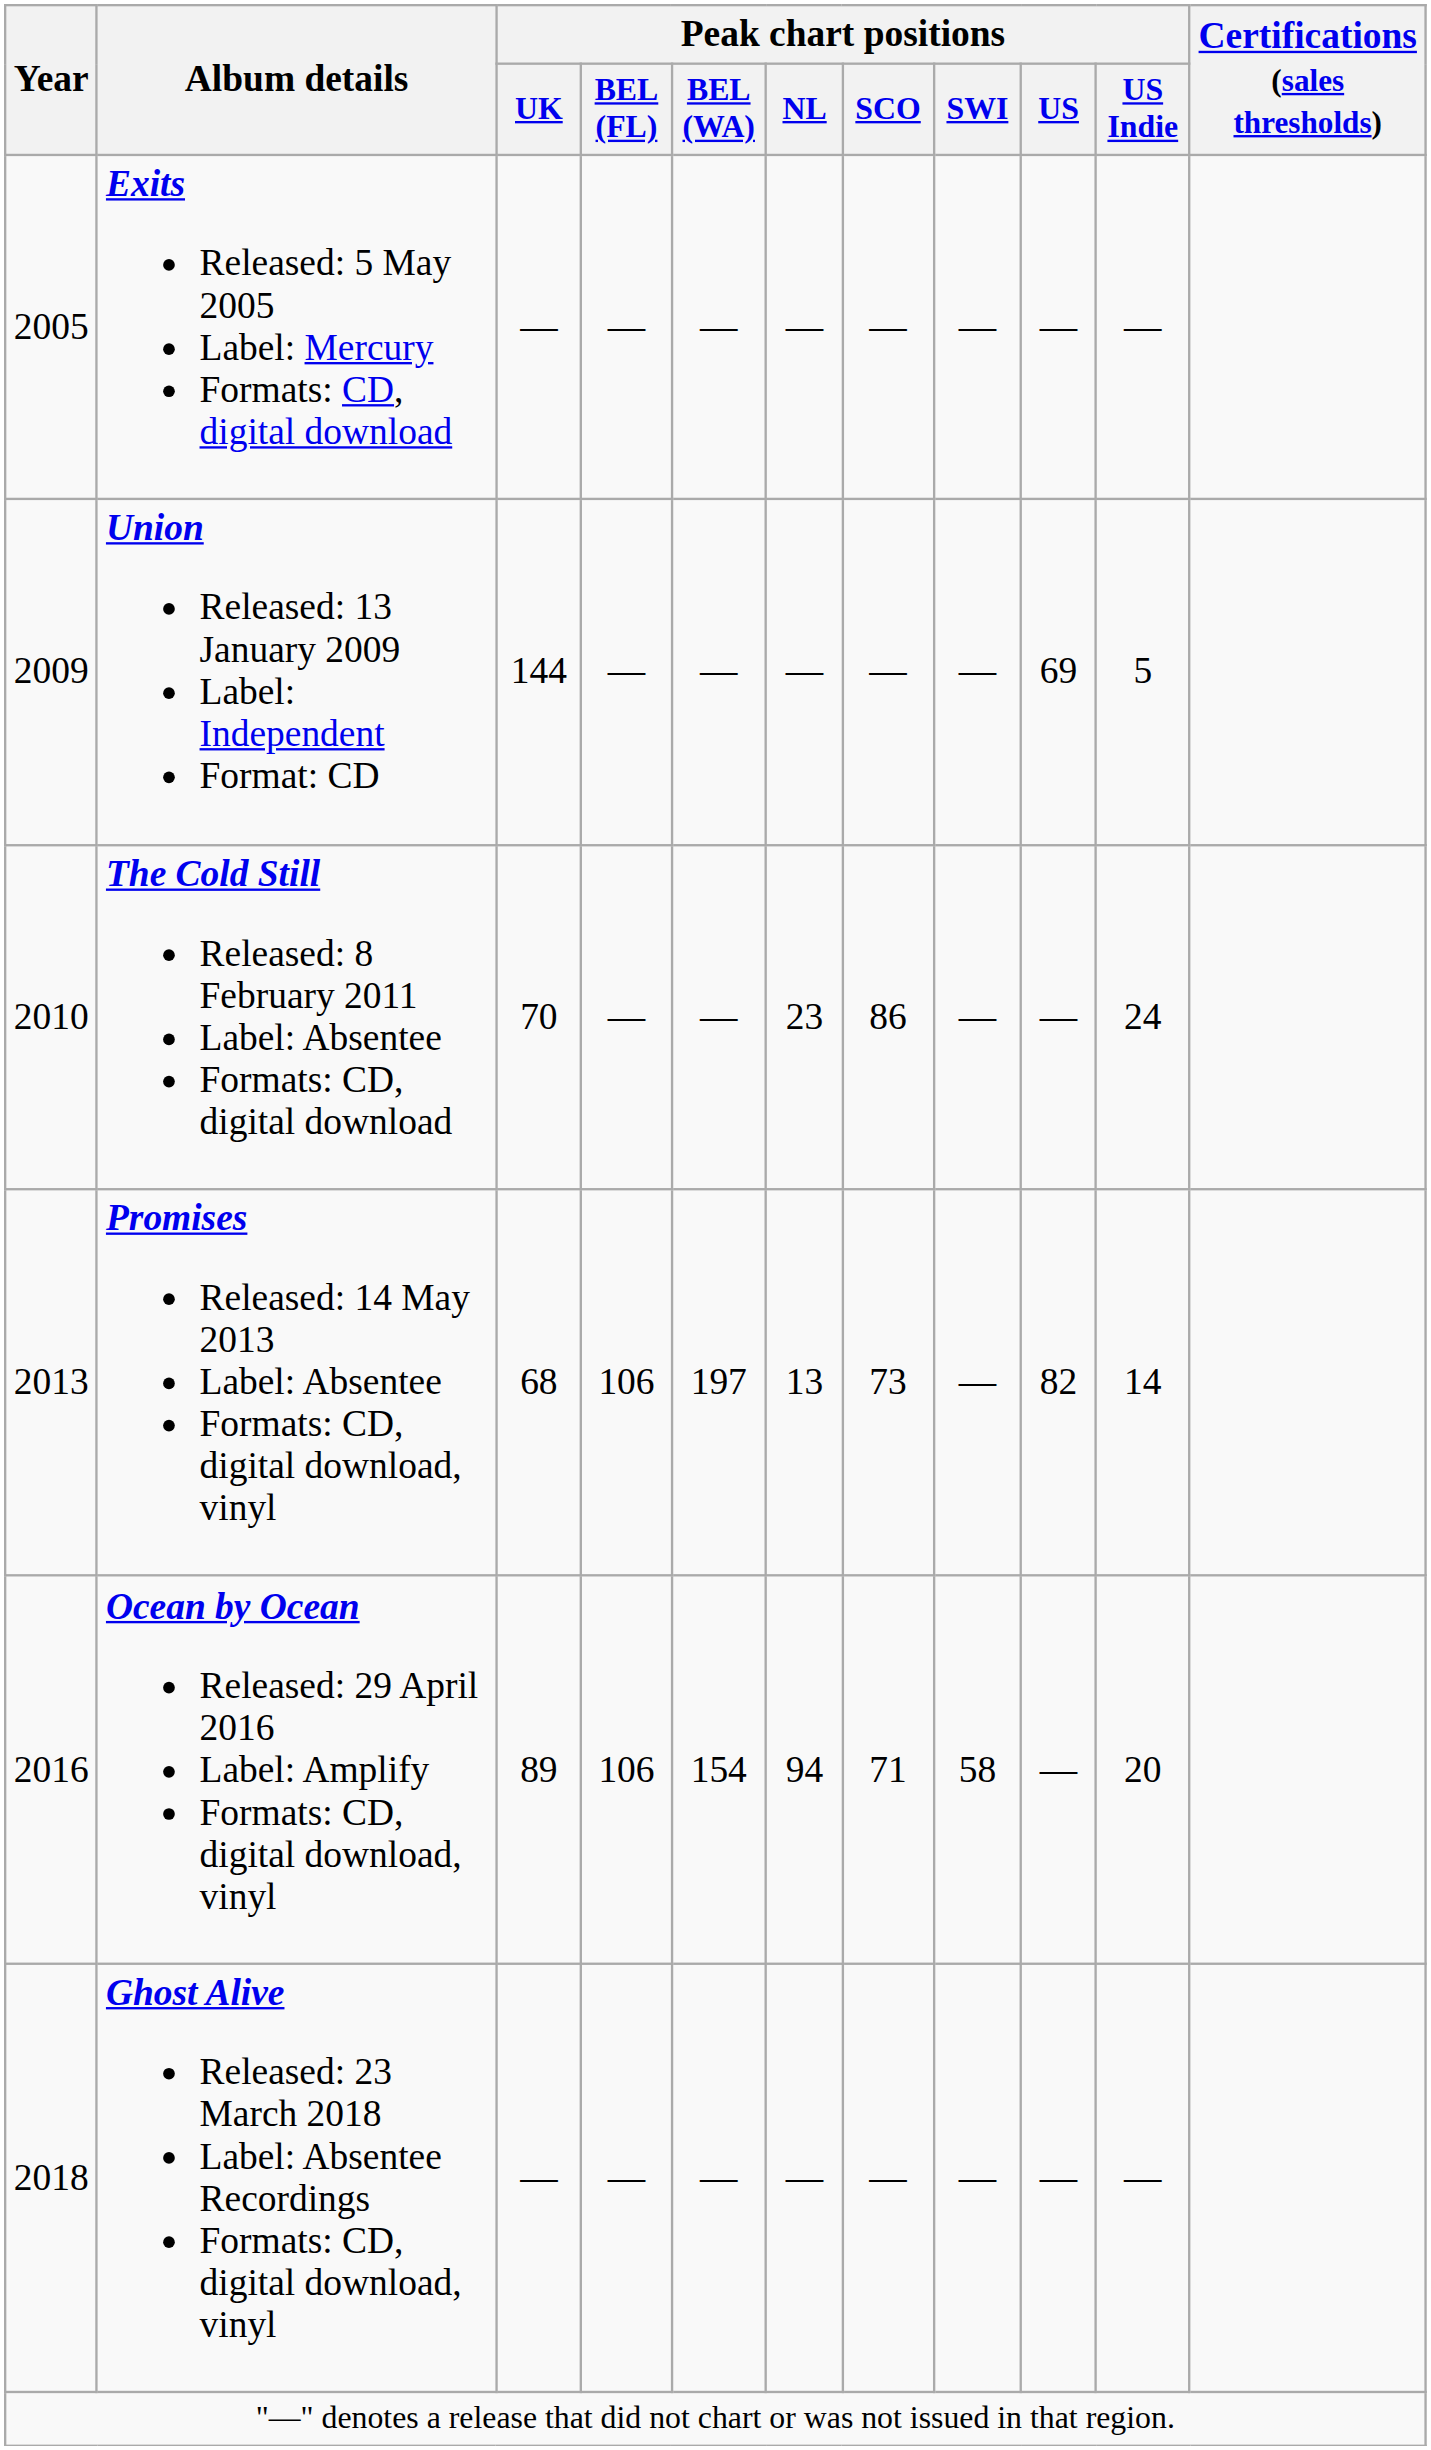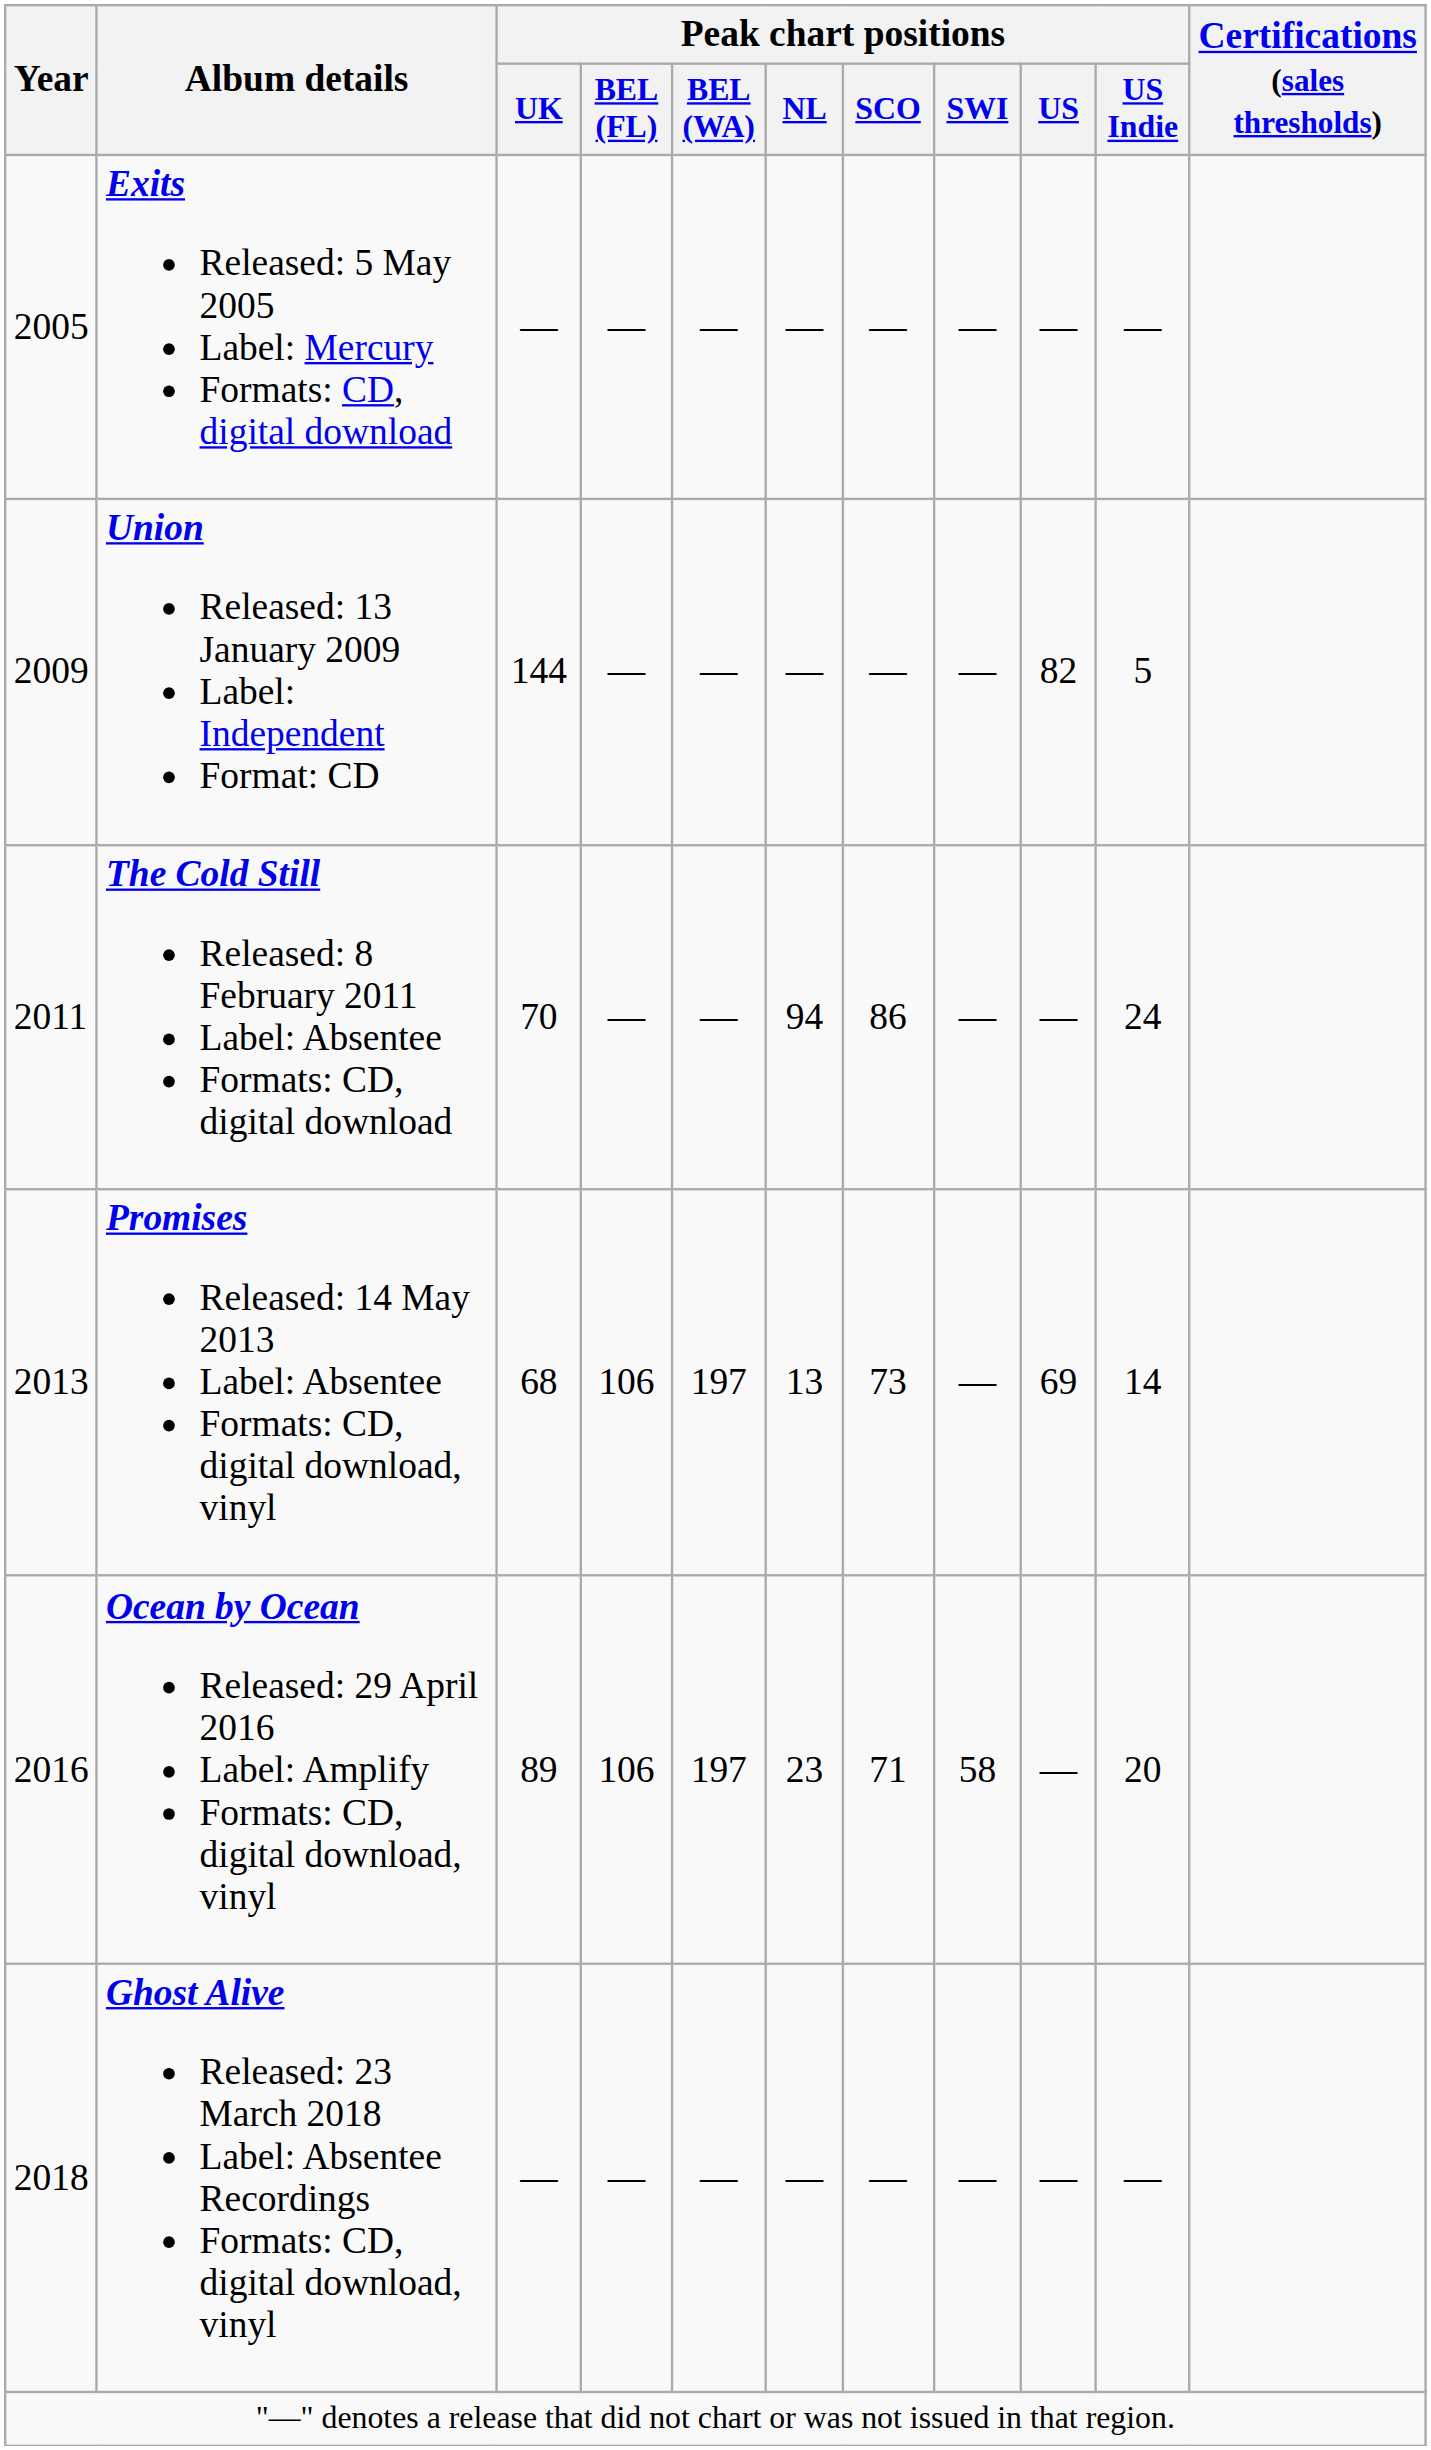 <table class="wikitable" border="1">
 <tr>
 <th rowspan="2">Year</th>
 <th rowspan="2" width="250">Album details</th>
 <th colspan="8">Peak chart positions</th>
 <th rowspan="2"><a href='#'>Certifications</a><br><small>(<a href='#'>sales thresholds</a>)</small></th>
 </tr>
 <tr>
 <th style="width:3em;font-size:85%"><a href='#'>UK</a><br></th>
 <th style="width:3em;font-size:85%"><a href='#'>BEL<br>(FL)</a><br></th>
 <th style="width:3em;font-size:85%"><a href='#'>BEL<br>(WA)</a><br></th>
 <th style="width:3em;font-size:85%"><a href='#'>NL</a><br></th>
 <th style="width:3em;font-size:85%"><a href='#'>SCO</a><br></th>
 <th style="width:3em;font-size:85%"><a href='#'>SWI</a><br></th>
 <th style="width:3em;font-size:85%"><a href='#'>US</a><br></th>
 <th style="width:3em;font-size:85%"><a href='#'>US<br>Indie</a><br></th>
 </tr>
 <tr>
 <td>2005</td>
 <td><strong><em><a href='#'>Exits</a></em></strong><br><ul><li>Released: 5 May 2005</li><li>Label: <a href='#'>Mercury</a></li><li>Formats: <a href='#'>CD</a>, <a href='#'>digital download</a></li></ul></td>
 <td align="center">—</td>
 <td align="center">—</td>
 <td align="center">—</td>
 <td align="center">—</td>
 <td align="center">—</td>
 <td align="center">—</td>
 <td align="center">—</td>
 <td align="center">—</td>
 <td></td>
 </tr>
 <tr>
 <td>2009</td>
 <td><strong><em><a href='#'>Union</a></em></strong><br><ul><li>Released: 13 January 2009</li><li>Label: <a href='#'>Independent</a></li><li>Format: CD</li></ul></td>
 <td align="center">144</td>
 <td align="center">—</td>
 <td align="center">—</td>
 <td align="center">—</td>
 <td align="center">—</td>
 <td align="center">—</td>
-<td align="center">69</td>
+<td align="center">82</td>
 <td align="center">5</td>
 <td></td>
 </tr>
 <tr>
-<td>2010</td>
+<td>2011</td>
 <td><strong><em><a href='#'>The Cold Still</a></em></strong><br><ul><li>Released: 8 February 2011</li><li>Label: Absentee</li><li>Formats: CD, digital download</li></ul></td>
 <td align="center">70</td>
 <td align="center">—</td>
 <td align="center">—</td>
-<td align="center">23</td>
+<td align="center">94</td>
 <td align="center">86</td>
 <td align="center">—</td>
 <td align="center">—</td>
 <td align="center">24</td>
 <td></td>
 </tr>
 <tr>
 <td>2013</td>
 <td><strong><em><a href='#'>Promises</a></em></strong><br><ul><li>Released: 14 May 2013</li><li>Label: Absentee</li><li>Formats: CD, digital download, vinyl</li></ul></td>
 <td align="center">68</td>
 <td align="center">106</td>
 <td align="center">197</td>
 <td align="center">13</td>
 <td align="center">73</td>
 <td align="center">—</td>
-<td align="center">82</td>
+<td align="center">69</td>
 <td align="center">14</td>
 <td></td>
 </tr>
 <tr>
 <td>2016</td>
 <td><strong><em><a href='#'>Ocean by Ocean</a></em></strong><br><ul><li>Released: 29 April 2016</li><li>Label: Amplify</li><li>Formats: CD, digital download, vinyl</li></ul></td>
 <td align="center">89</td>
 <td align="center">106</td>
-<td align="center">154</td>
-<td align="center">94</td>
+<td align="center">197</td>
+<td align="center">23</td>
 <td align="center">71</td>
 <td align="center">58</td>
 <td align="center">—</td>
 <td align="center">20</td>
 <td></td>
 </tr>
 <tr>
 <td>2018</td>
 <td><strong><em><a href='#'>Ghost Alive</a></em></strong><br><ul><li>Released: 23 March 2018</li><li>Label: Absentee Recordings</li><li>Formats: CD, digital download, vinyl</li></ul></td>
 <td align="center">—</td>
 <td align="center">—</td>
 <td align="center">—</td>
 <td align="center">—</td>
 <td align="center">—</td>
 <td align="center">—</td>
 <td align="center">—</td>
 <td align="center">—</td>
 <td></td>
 </tr>
 <tr>
 <td align="center" colspan="18" style="font-size: 85%">"—" denotes a release that did not chart or was not issued in that region.</td>
 </tr>
 </table>
